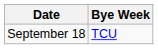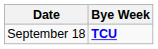 <table class="wikitable" style="font-size:95%;">
 <tr>
 <th>Date</th>
 <th>Bye Week</th>
 </tr>
 <tr>
 <td>September 18</td>
-<td><a href='#'>TCU</a></td>
+<td><strong><a href='#'>TCU</a></strong></td>
 </tr>
 </table>
